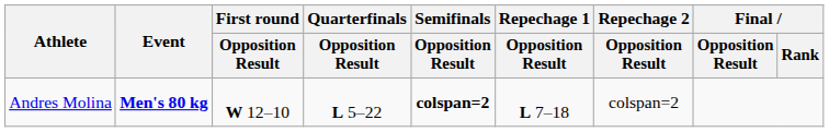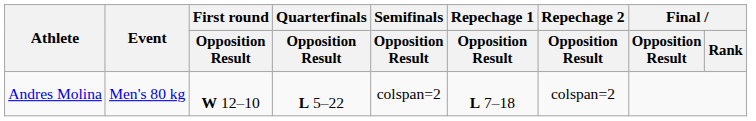 <table class="wikitable" style="font-size:90%;">
 <tr>
 <th rowspan=2>Athlete</th>
 <th rowspan=2>Event</th>
 <th>First round</th>
 <th>Quarterfinals</th>
 <th>Semifinals</th>
 <th>Repechage 1</th>
 <th>Repechage 2</th>
 <th colspan=2>Final / </th>
 </tr>
 <tr style="font-size:95%">
 <th>Opposition<br>Result</th>
 <th>Opposition<br>Result</th>
 <th>Opposition<br>Result</th>
 <th>Opposition<br>Result</th>
 <th>Opposition<br>Result</th>
 <th>Opposition<br>Result</th>
 <th>Rank</th>
 </tr>
 <tr align=center>
 <td align=left><a href='#'>Andres Molina</a></td>
-<td align=left><strong><a href='#'>Men's 80 kg</a></strong></td>
+<td align=left><a href='#'>Men's 80 kg</a></td>
 <td><br><strong>W</strong> 12–10</td>
 <td><br><strong>L</strong> 5–22</td>
-<td><strong>colspan=2 </strong></td>
+<td>colspan=2 </td>
 <td><br><strong>L</strong> 7–18</td>
 <td>colspan=2 </td>
 </tr>
 </table>
